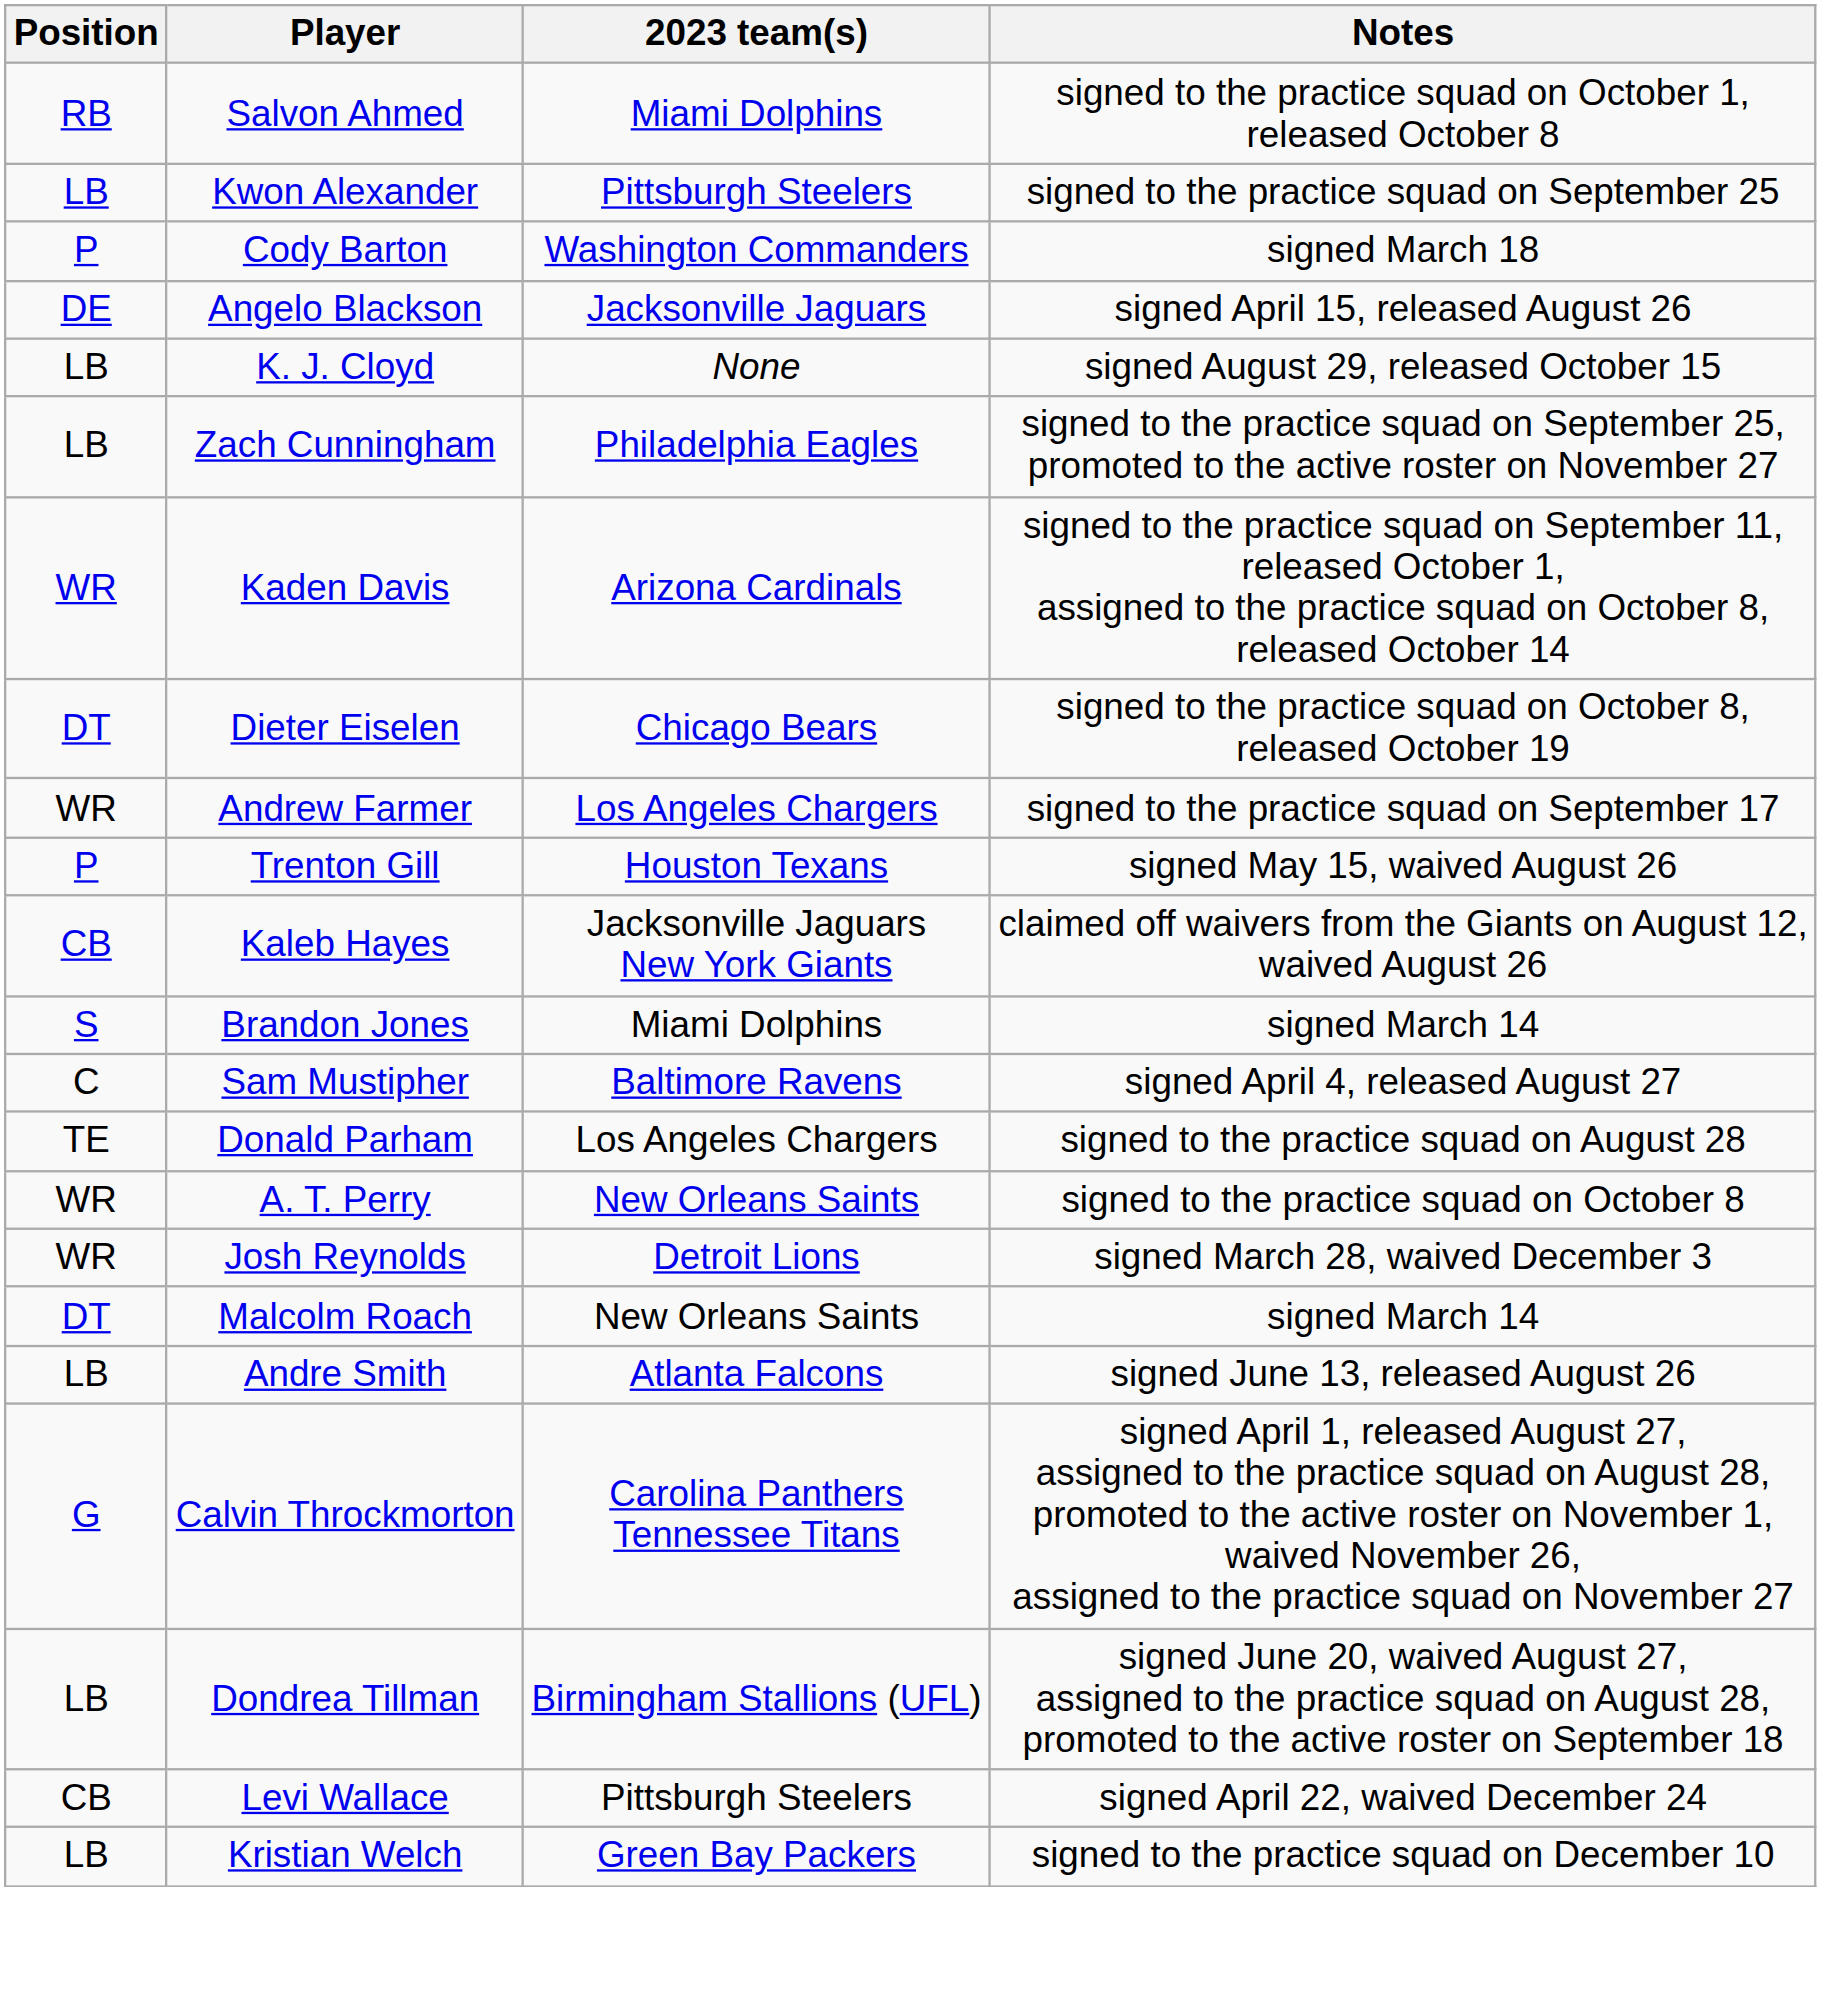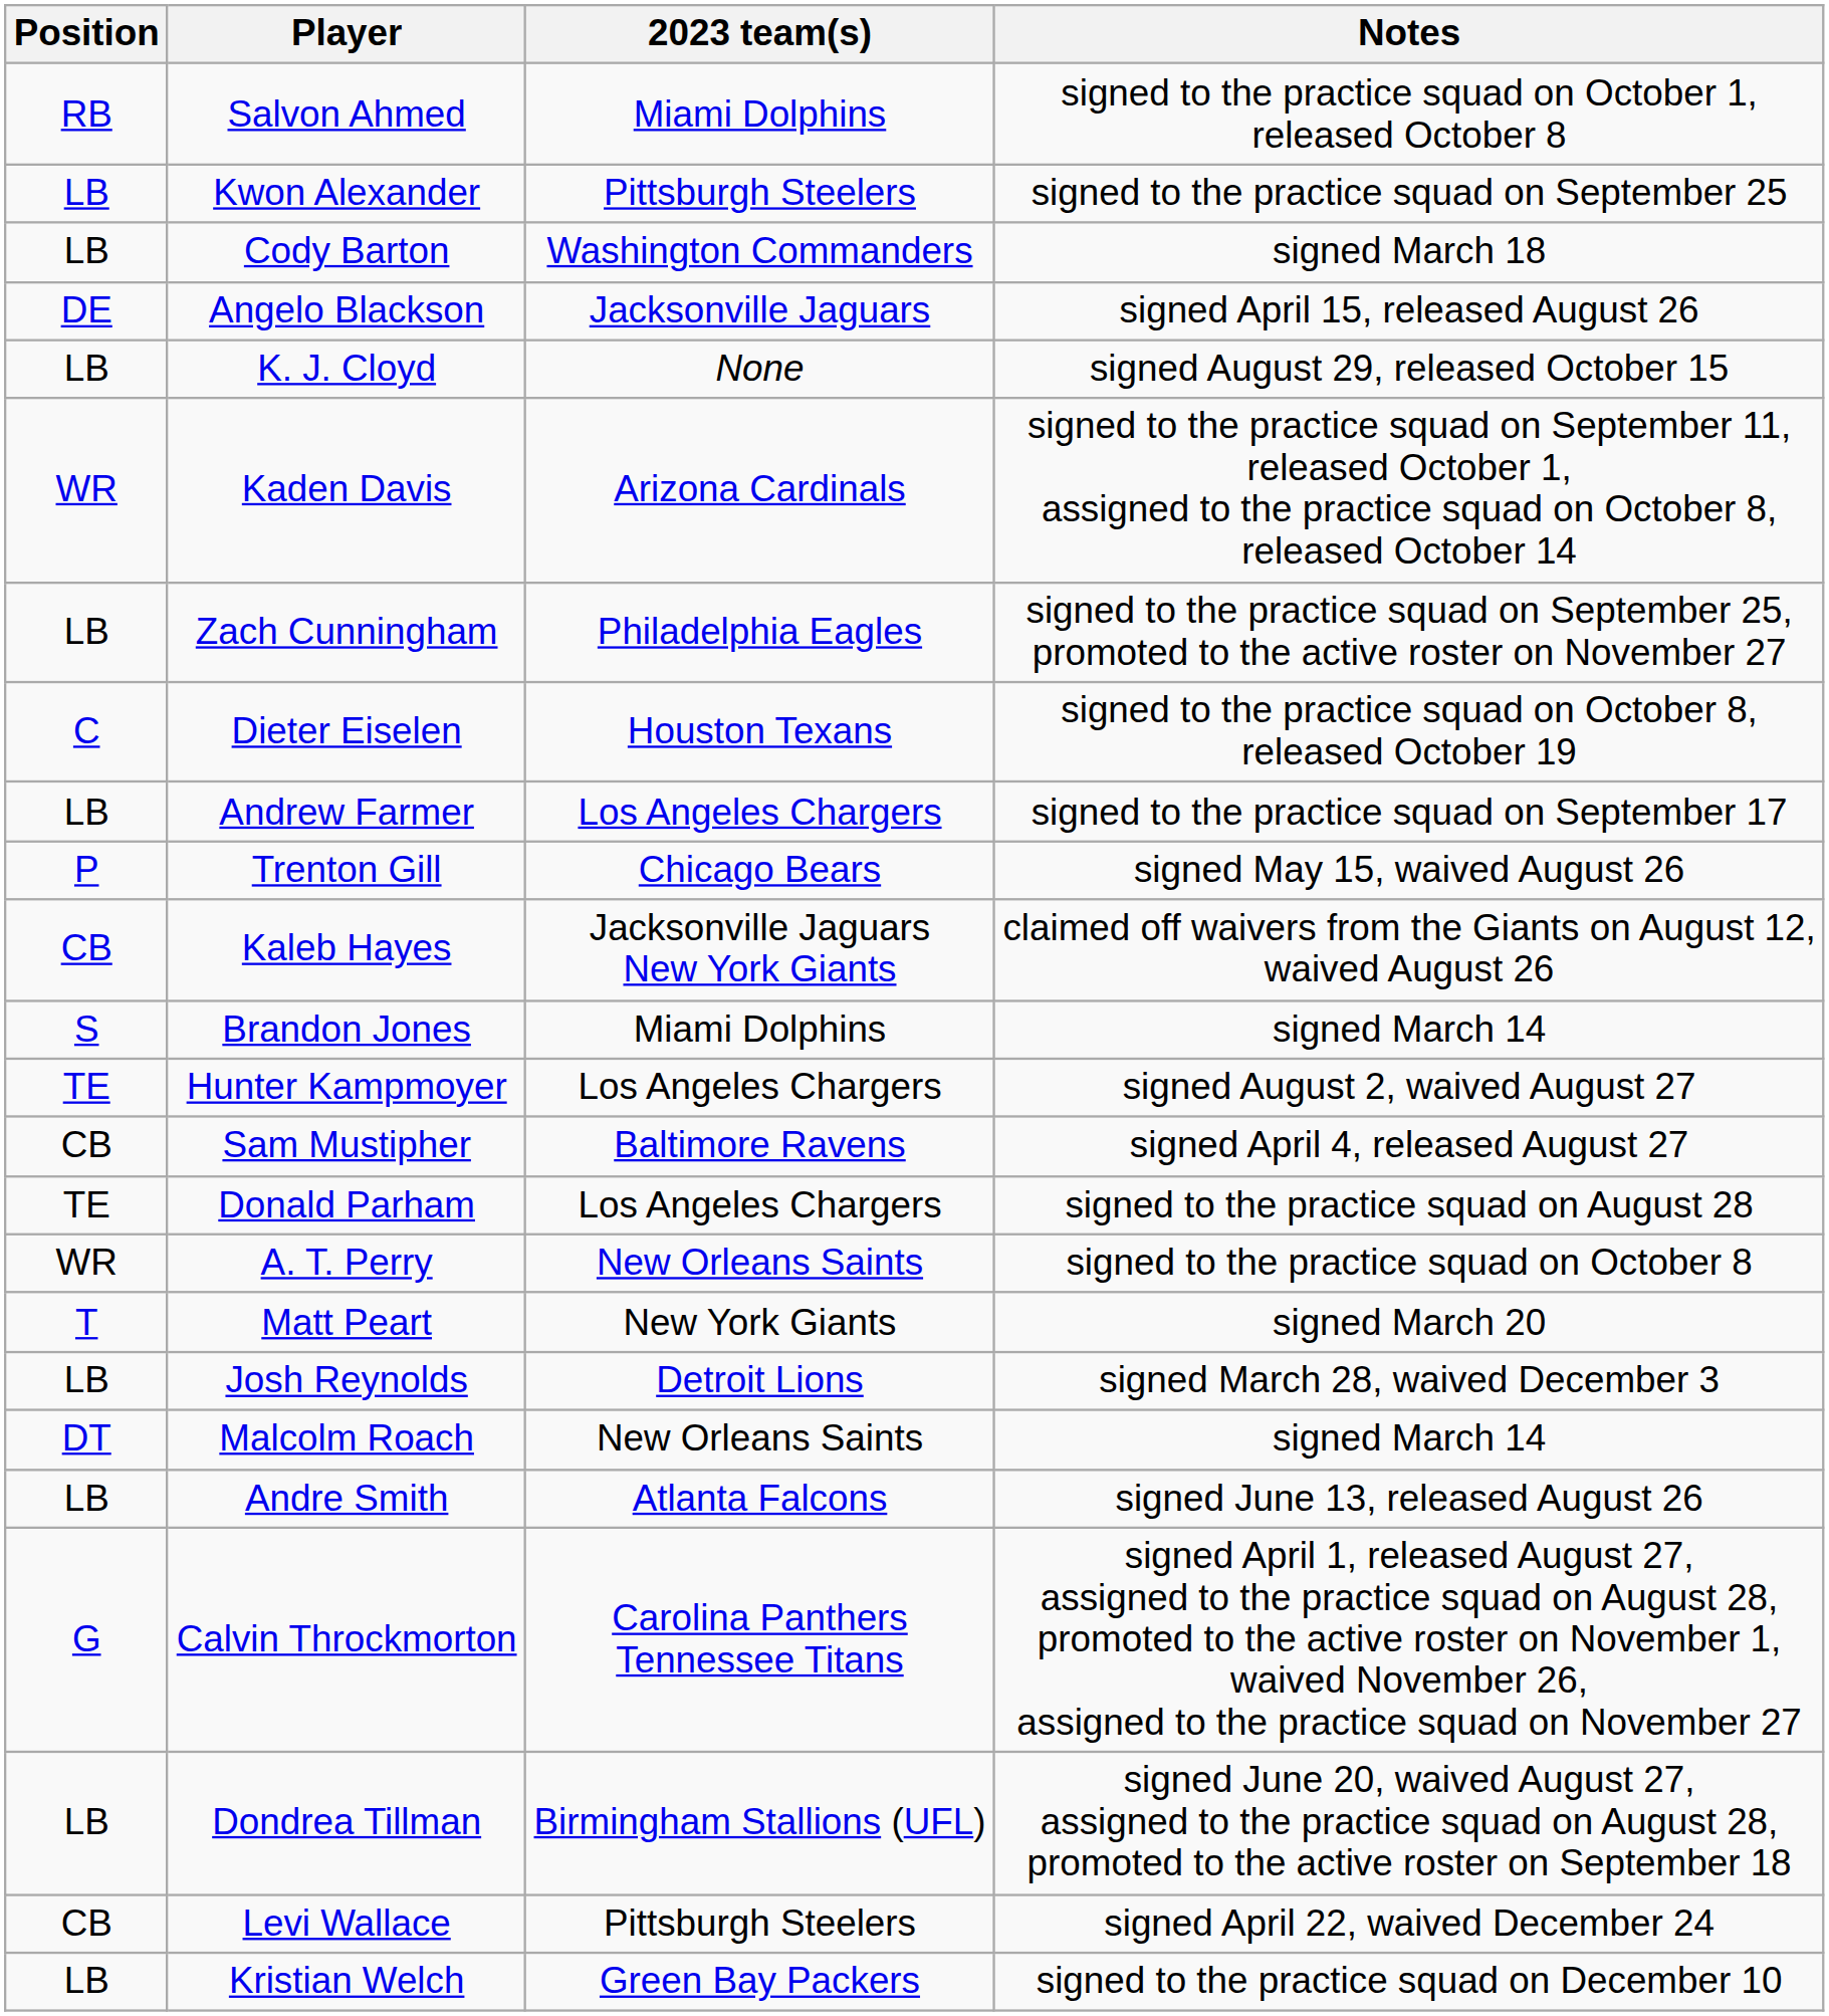 <table class="wikitable" style="text-align:center">
 <tr>
 <th>Position</th>
 <th>Player</th>
 <th>2023 team(s)</th>
 <th>Notes</th>
 </tr>
 <tr>
 <td><a href='#'>RB</a></td>
 <td><a href='#'>Salvon Ahmed</a></td>
 <td><a href='#'>Miami Dolphins</a></td>
 <td>signed to the practice squad on October 1,<br>released October 8</td>
 </tr>
 <tr>
 <td><a href='#'>LB</a></td>
 <td><a href='#'>Kwon Alexander</a></td>
 <td><a href='#'>Pittsburgh Steelers</a></td>
 <td>signed to the practice squad on September 25</td>
 </tr>
 <tr>
-<td><a href='#'>P</a></td>
+<td>LB</td>
 <td><a href='#'>Cody Barton</a></td>
 <td><a href='#'>Washington Commanders</a></td>
 <td>signed March 18</td>
 </tr>
 <tr>
 <td><a href='#'>DE</a></td>
 <td><a href='#'>Angelo Blackson</a></td>
 <td><a href='#'>Jacksonville Jaguars</a></td>
 <td>signed April 15, released August 26</td>
 </tr>
 <tr>
 <td>LB</td>
 <td><a href='#'>K. J. Cloyd</a></td>
 <td><em>None</em></td>
 <td>signed August 29, released October 15</td>
 </tr>
 <tr>
+<td><a href='#'>WR</a></td>
+<td><a href='#'>Kaden Davis</a></td>
+<td><a href='#'>Arizona Cardinals</a></td>
+<td>signed to the practice squad on September 11,<br>released October 1,<br>assigned to the practice squad on October 8,<br>released October 14</td>
+</tr>
+<tr>
 <td>LB</td>
 <td><a href='#'>Zach Cunningham</a></td>
 <td><a href='#'>Philadelphia Eagles</a></td>
 <td>signed to the practice squad on September 25,<br>promoted to the active roster on November 27</td>
 </tr>
 <tr>
-<td><a href='#'>WR</a></td>
-<td><a href='#'>Kaden Davis</a></td>
-<td><a href='#'>Arizona Cardinals</a></td>
-<td>signed to the practice squad on September 11,<br>released October 1,<br>assigned to the practice squad on October 8,<br>released October 14</td>
-</tr>
-<tr>
-<td><a href='#'>DT</a></td>
+<td><a href='#'>C</a></td>
 <td><a href='#'>Dieter Eiselen</a></td>
-<td><a href='#'>Chicago Bears</a></td>
+<td><a href='#'>Houston Texans</a></td>
 <td>signed to the practice squad on October 8,<br>released October 19</td>
 </tr>
 <tr>
-<td>WR</td>
+<td>LB</td>
 <td><a href='#'>Andrew Farmer</a></td>
 <td><a href='#'>Los Angeles Chargers</a></td>
 <td>signed to the practice squad on September 17</td>
 </tr>
 <tr>
 <td><a href='#'>P</a></td>
 <td><a href='#'>Trenton Gill</a></td>
-<td><a href='#'>Houston Texans</a></td>
+<td><a href='#'>Chicago Bears</a></td>
 <td>signed May 15, waived August 26</td>
 </tr>
 <tr>
 <td><a href='#'>CB</a></td>
 <td><a href='#'>Kaleb Hayes</a></td>
 <td>Jacksonville Jaguars<br><a href='#'>New York Giants</a></td>
 <td>claimed off waivers from the Giants on August 12,<br>waived August 26</td>
 </tr>
 <tr>
 <td><a href='#'>S</a></td>
 <td><a href='#'>Brandon Jones</a></td>
 <td>Miami Dolphins</td>
 <td>signed March 14</td>
 </tr>
 <tr>
-<td>C</td>
+<td><a href='#'>TE</a></td>
+<td><a href='#'>Hunter Kampmoyer</a></td>
+<td>Los Angeles Chargers</td>
+<td>signed August 2, waived August 27</td>
+</tr>
+<tr>
+<td>CB</td>
 <td><a href='#'>Sam Mustipher</a></td>
 <td><a href='#'>Baltimore Ravens</a></td>
 <td>signed April 4, released August 27</td>
 </tr>
 <tr>
 <td>TE</td>
 <td><a href='#'>Donald Parham</a></td>
 <td>Los Angeles Chargers</td>
 <td>signed to the practice squad on August 28</td>
 </tr>
 <tr>
 <td>WR</td>
 <td><a href='#'>A. T. Perry</a></td>
 <td><a href='#'>New Orleans Saints</a></td>
 <td>signed to the practice squad on October 8</td>
 </tr>
 <tr>
-<td>WR</td>
+<td><a href='#'>T</a></td>
+<td><a href='#'>Matt Peart</a></td>
+<td>New York Giants</td>
+<td>signed March 20</td>
+</tr>
+<tr>
+<td>LB</td>
 <td><a href='#'>Josh Reynolds</a></td>
 <td><a href='#'>Detroit Lions</a></td>
 <td>signed March 28, waived December 3</td>
 </tr>
 <tr>
 <td><a href='#'>DT</a></td>
 <td><a href='#'>Malcolm Roach</a></td>
 <td>New Orleans Saints</td>
 <td>signed March 14</td>
 </tr>
 <tr>
 <td>LB</td>
 <td><a href='#'>Andre Smith</a></td>
 <td><a href='#'>Atlanta Falcons</a></td>
 <td>signed June 13, released August 26</td>
 </tr>
 <tr>
 <td><a href='#'>G</a></td>
 <td><a href='#'>Calvin Throckmorton</a></td>
 <td><a href='#'>Carolina Panthers</a><br><a href='#'>Tennessee Titans</a></td>
 <td>signed April 1, released August 27,<br>assigned to the practice squad on August 28,<br>promoted to the active roster on November 1,<br> waived November 26,<br>assigned to the practice squad on November 27</td>
 </tr>
 <tr>
 <td>LB</td>
 <td><a href='#'>Dondrea Tillman</a></td>
 <td><a href='#'>Birmingham Stallions</a> (<a href='#'>UFL</a>)</td>
 <td>signed June 20, waived August 27,<br>assigned to the practice squad on August 28,<br>promoted to the active roster on September 18</td>
 </tr>
 <tr>
 <td>CB</td>
 <td><a href='#'>Levi Wallace</a></td>
 <td>Pittsburgh Steelers</td>
 <td>signed April 22, waived December 24</td>
 </tr>
 <tr>
 <td>LB</td>
 <td><a href='#'>Kristian Welch</a></td>
 <td><a href='#'>Green Bay Packers</a></td>
 <td>signed to the practice squad on December 10</td>
 </tr>
 </table>
